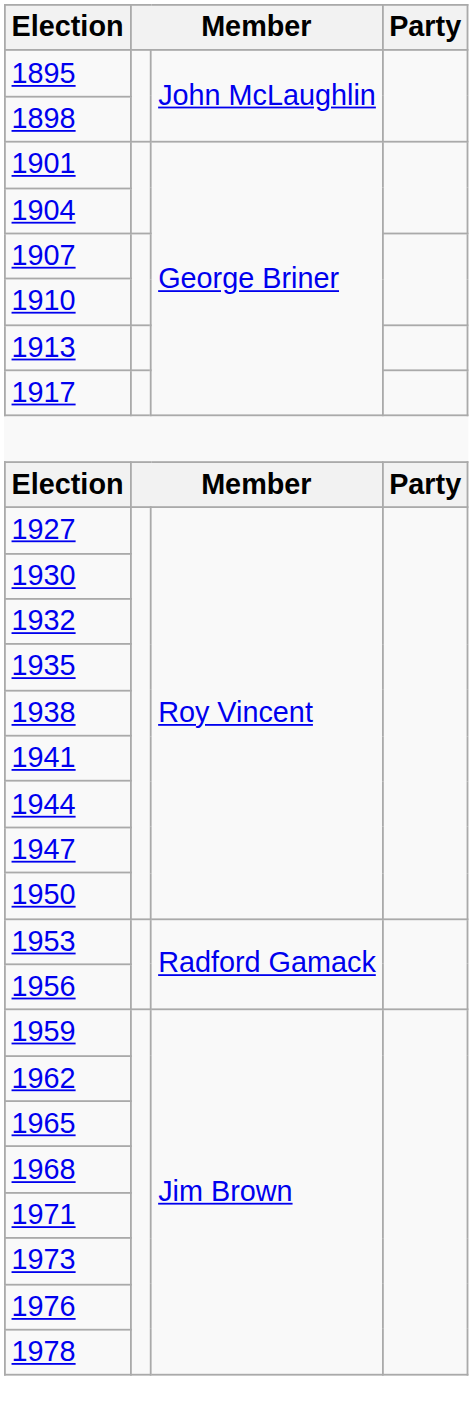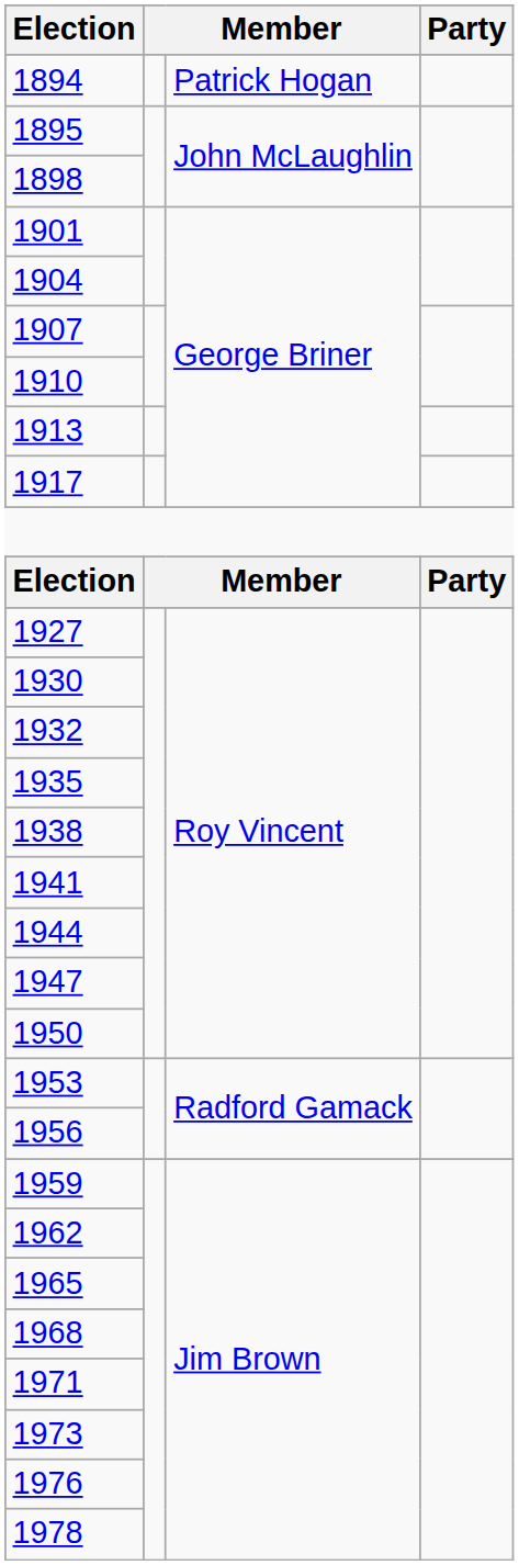 <table class="wikitable" style='border-style: none none none none;'>
 <tr>
 <th>Election</th>
 <th colspan="2">Member</th>
 <th>Party</th>
+</tr>
+<tr style="background: #f9f9f9">
+<td><a href='#'>1894</a></td>
+<td> </td>
+<td><a href='#'>Patrick Hogan</a></td>
+<td></td>
 </tr>
 <tr style="background: #f9f9f9">
 <td><a href='#'>1895</a></td>
 <td rowspan="2" > </td>
 <td rowspan="2"><a href='#'>John McLaughlin</a></td>
 <td rowspan="2"></td>
 </tr>
 <tr style="background: #f9f9f9">
 <td><a href='#'>1898</a></td>
 </tr>
 <tr style="background: #f9f9f9">
 <td><a href='#'>1901</a></td>
 <td rowspan="2" > </td>
 <td rowspan="6"><a href='#'>George Briner</a></td>
 <td rowspan="2"></td>
 </tr>
 <tr style="background: #f9f9f9">
 <td><a href='#'>1904</a></td>
 </tr>
 <tr style="background: #f9f9f9">
 <td><a href='#'>1907</a></td>
 <td rowspan="2" > </td>
 <td rowspan="2"></td>
 </tr>
 <tr style="background: #f9f9f9">
 <td><a href='#'>1910</a></td>
 </tr>
 <tr style="background: #f9f9f9">
 <td><a href='#'>1913</a></td>
 <td> </td>
 <td></td>
 </tr>
 <tr style="background: #f9f9f9">
 <td><a href='#'>1917</a></td>
 <td> </td>
 <td></td>
 </tr>
 <tr>
 <td colspan="4" style='border-style: none none none none;'> </td>
 </tr>
 <tr>
 <th>Election</th>
 <th colspan="2">Member</th>
 <th>Party</th>
 </tr>
 <tr style="background: #f9f9f9">
 <td><a href='#'>1927</a></td>
 <td rowspan="9" > </td>
 <td rowspan="9"><a href='#'>Roy Vincent</a></td>
 <td rowspan="9"></td>
 </tr>
 <tr style="background: #f9f9f9">
 <td><a href='#'>1930</a></td>
 </tr>
 <tr style="background: #f9f9f9">
 <td><a href='#'>1932</a></td>
 </tr>
 <tr style="background: #f9f9f9">
 <td><a href='#'>1935</a></td>
 </tr>
 <tr style="background: #f9f9f9">
 <td><a href='#'>1938</a></td>
 </tr>
 <tr style="background: #f9f9f9">
 <td><a href='#'>1941</a></td>
 </tr>
 <tr style="background: #f9f9f9">
 <td><a href='#'>1944</a></td>
 </tr>
 <tr style="background: #f9f9f9">
 <td><a href='#'>1947</a></td>
 </tr>
 <tr style="background: #f9f9f9">
 <td><a href='#'>1950</a></td>
 </tr>
 <tr style="background: #f9f9f9">
 <td><a href='#'>1953</a></td>
 <td rowspan="2" > </td>
 <td rowspan="2"><a href='#'>Radford Gamack</a></td>
 <td rowspan="2"></td>
 </tr>
 <tr style="background: #f9f9f9">
 <td><a href='#'>1956</a></td>
 </tr>
 <tr style="background: #f9f9f9">
 <td><a href='#'>1959</a></td>
 <td rowspan="8" > </td>
 <td rowspan="8"><a href='#'>Jim Brown</a></td>
 <td rowspan="8"></td>
 </tr>
 <tr style="background: #f9f9f9">
 <td><a href='#'>1962</a></td>
 </tr>
 <tr style="background: #f9f9f9">
 <td><a href='#'>1965</a></td>
 </tr>
 <tr style="background: #f9f9f9">
 <td><a href='#'>1968</a></td>
 </tr>
 <tr style="background: #f9f9f9">
 <td><a href='#'>1971</a></td>
 </tr>
 <tr style="background: #f9f9f9">
 <td><a href='#'>1973</a></td>
 </tr>
 <tr style="background: #f9f9f9">
 <td><a href='#'>1976</a></td>
 </tr>
 <tr style="background: #f9f9f9">
 <td><a href='#'>1978</a></td>
 </tr>
 </table>
